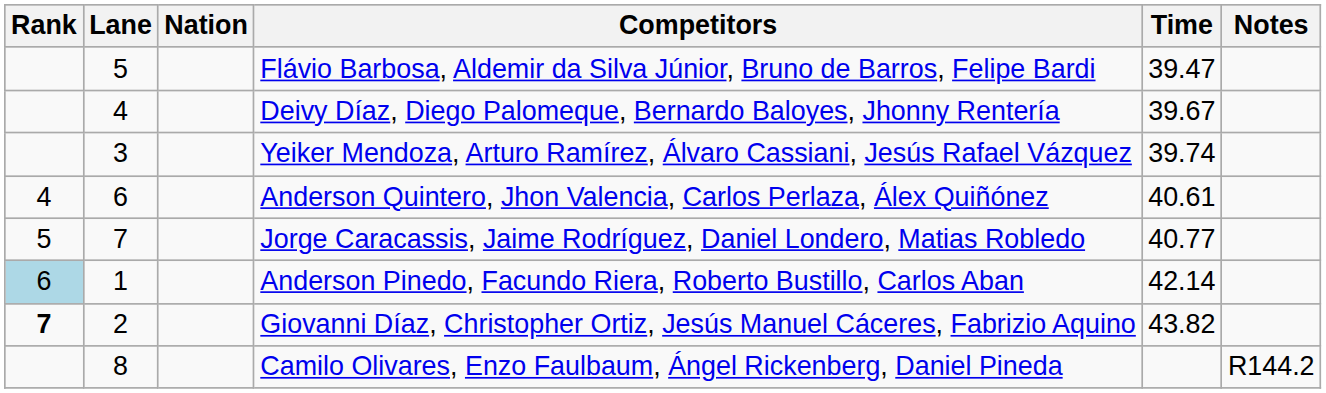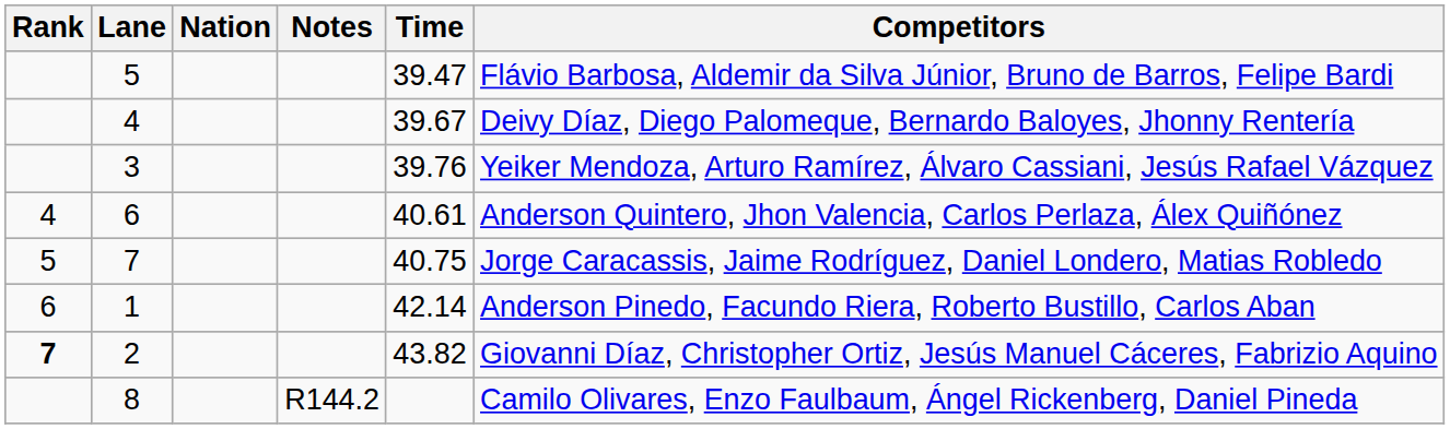 <table class="wikitable sortable" style="text-align:center">
 <tr>
 <th>Rank</th>
 <th>Lane</th>
 <th>Nation</th>
+<th>Notes</th>
+<th>Time</th>
 <th>Competitors</th>
-<th>Time</th>
-<th>Notes</th>
 </tr>
 <tr>
 <td></td>
 <td>5</td>
 <td align=left></td>
+<td></td>
+<td>39.47</td>
 <td align=left><a href='#'>Flávio Barbosa</a>, <a href='#'>Aldemir da Silva Júnior</a>, <a href='#'>Bruno de Barros</a>, <a href='#'>Felipe Bardi</a></td>
-<td>39.47</td>
-<td></td>
 </tr>
 <tr>
 <td></td>
 <td>4</td>
 <td align=left></td>
+<td></td>
+<td>39.67</td>
 <td align=left><a href='#'>Deivy Díaz</a>, <a href='#'>Diego Palomeque</a>, <a href='#'>Bernardo Baloyes</a>, <a href='#'>Jhonny Rentería</a></td>
-<td>39.67</td>
-<td></td>
 </tr>
 <tr>
 <td></td>
 <td>3</td>
 <td align=left></td>
+<td></td>
+<td>39.76</td>
 <td align=left><a href='#'>Yeiker Mendoza</a>, <a href='#'>Arturo Ramírez</a>, <a href='#'>Álvaro Cassiani</a>, <a href='#'>Jesús Rafael Vázquez</a></td>
-<td>39.74</td>
-<td></td>
 </tr>
 <tr>
 <td>4</td>
 <td>6</td>
 <td align=left></td>
+<td></td>
+<td>40.61</td>
 <td align=left><a href='#'>Anderson Quintero</a>, <a href='#'>Jhon Valencia</a>, <a href='#'>Carlos Perlaza</a>, <a href='#'>Álex Quiñónez</a></td>
-<td>40.61</td>
-<td></td>
 </tr>
 <tr>
 <td>5</td>
 <td>7</td>
 <td align=left></td>
+<td></td>
+<td>40.75</td>
 <td align=left><a href='#'>Jorge Caracassis</a>, <a href='#'>Jaime Rodríguez</a>, <a href='#'>Daniel Londero</a>, <a href='#'>Matias Robledo</a></td>
-<td>40.77</td>
-<td></td>
 </tr>
 <tr>
-<td style="background: lightblue;">6</td>
+<td>6</td>
 <td>1</td>
 <td align=left></td>
+<td></td>
+<td>42.14</td>
 <td align=left><a href='#'>Anderson Pinedo</a>, <a href='#'>Facundo Riera</a>, <a href='#'>Roberto Bustillo</a>, <a href='#'>Carlos Aban</a></td>
-<td>42.14</td>
-<td></td>
 </tr>
 <tr>
 <td><strong>7</strong></td>
 <td>2</td>
 <td align=left></td>
+<td></td>
+<td>43.82</td>
 <td align=left><a href='#'>Giovanni Díaz</a>, <a href='#'>Christopher Ortiz</a>, <a href='#'>Jesús Manuel Cáceres</a>, <a href='#'>Fabrizio Aquino</a></td>
-<td>43.82</td>
-<td></td>
 </tr>
 <tr>
 <td></td>
 <td>8</td>
 <td align=left></td>
+<td>R144.2</td>
+<td></td>
 <td align=left><a href='#'>Camilo Olivares</a>, <a href='#'>Enzo Faulbaum</a>, <a href='#'>Ángel Rickenberg</a>, <a href='#'>Daniel Pineda</a></td>
-<td></td>
-<td>R144.2</td>
 </tr>
 </table>
